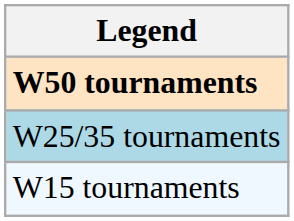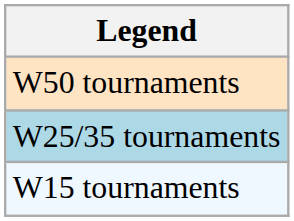 <table class=wikitable style="font-size:85%">
 <tr>
 <th>Legend</th>
 </tr>
 <tr style="background:#ffe4c4;">
-<td><strong>W50 tournaments</strong></td>
+<td>W50 tournaments</td>
 </tr>
 <tr style="background:lightblue;">
 <td>W25/35 tournaments</td>
 </tr>
 <tr style="background:#f0f8ff;">
 <td>W15 tournaments</td>
 </tr>
 </table>
